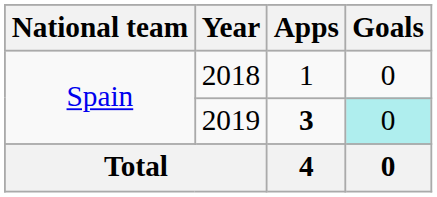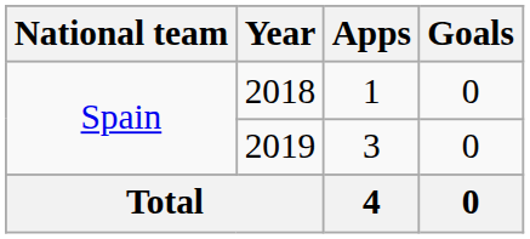 <table class="wikitable" style="text-align:center">
 <tr>
 <th>National team</th>
 <th>Year</th>
 <th>Apps</th>
 <th>Goals</th>
 </tr>
 <tr>
 <td rowspan="2"><a href='#'>Spain</a></td>
 <td>2018</td>
 <td>1</td>
 <td>0</td>
 </tr>
 <tr>
 <td>2019</td>
-<td><strong>3</strong></td>
-<td style="background: paleturquoise;">0</td>
+<td>3</td>
+<td>0</td>
 </tr>
 <tr>
 <th colspan="2">Total</th>
 <th>4</th>
 <th>0</th>
 </tr>
 </table>
